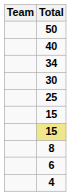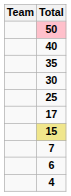 <table class=wikitable style="text-align:center">
 <tr>
 <th>Team</th>
 <th>Total</th>
 </tr>
 <tr>
 <td align=left></td>
-<td><strong>50</strong></td>
+<td style="background: pink;"><strong>50</strong></td>
 </tr>
 <tr>
 <td align=left></td>
 <td><strong>40</strong></td>
 </tr>
 <tr>
 <td align=left></td>
-<td><strong>34</strong></td>
+<td><strong>35</strong></td>
 </tr>
 <tr>
 <td align=left></td>
 <td><strong>30</strong></td>
 </tr>
 <tr>
 <td align=left></td>
 <td><strong>25</strong></td>
 </tr>
 <tr>
 <td align=left></td>
-<td><strong>15</strong></td>
+<td><strong>17</strong></td>
 </tr>
 <tr>
 <td align=left></td>
 <td style="background: khaki;"><strong>15</strong></td>
 </tr>
 <tr>
 <td align=left></td>
-<td><strong>8</strong></td>
+<td><strong>7</strong></td>
 </tr>
 <tr>
 <td align=left></td>
 <td><strong>6</strong></td>
 </tr>
 <tr>
 <td align=left></td>
 <td><strong>4</strong></td>
 </tr>
 </table>
